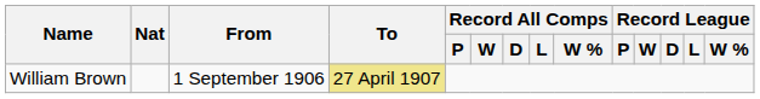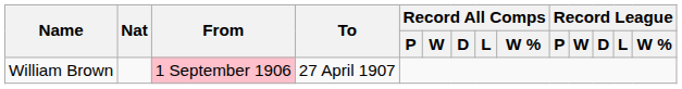 <table class="wikitable" style="text-align: center">
 <tr>
 <th rowspan="2">Name</th>
 <th rowspan="2">Nat</th>
 <th rowspan="2">From</th>
 <th rowspan="2">To</th>
 <th colspan="5">Record All Comps</th>
 <th colspan="5">Record League</th>
 </tr>
 <tr>
 <th>P</th>
 <th>W</th>
 <th>D</th>
 <th>L</th>
 <th>W %</th>
 <th>P</th>
 <th>W</th>
 <th>D</th>
 <th>L</th>
 <th>W %</th>
 </tr>
 <tr>
 <td style="text-align:left;">William Brown</td>
 <td></td>
-<td align=left>1 September 1906</td>
-<td align=left style="background: khaki;">27 April 1907<br> </td>
+<td align=left style="background: pink;">1 September 1906</td>
+<td align=left>27 April 1907<br> </td>
 </tr>
 </table>
